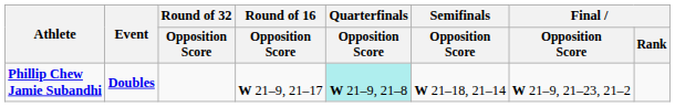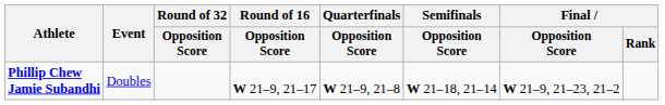 <table class=wikitable style="font-size:90%">
 <tr>
 <th rowspan=2>Athlete</th>
 <th rowspan=2>Event</th>
 <th>Round of 32</th>
 <th>Round of 16</th>
 <th>Quarterfinals</th>
 <th>Semifinals</th>
 <th colspan=2>Final / </th>
 </tr>
 <tr style="font-size:95%">
 <th>Opposition<br>Score</th>
 <th>Opposition<br>Score</th>
 <th>Opposition<br>Score</th>
 <th>Opposition<br>Score</th>
 <th>Opposition<br>Score</th>
 <th>Rank</th>
 </tr>
 <tr align=center>
 <td align=left><strong><a href='#'>Phillip Chew</a><br><a href='#'>Jamie Subandhi</a></strong></td>
-<td align=left><strong><a href='#'>Doubles</a></strong></td>
+<td align=left><a href='#'>Doubles</a></td>
 <td></td>
 <td><br><strong>W</strong> 21–9, 21–17</td>
-<td style="background: paleturquoise;"><br><strong>W</strong> 21–9, 21–8</td>
+<td><br><strong>W</strong> 21–9, 21–8</td>
 <td><br><strong>W</strong> 21–18, 21–14</td>
 <td><br><strong>W</strong> 21–9, 21–23, 21–2</td>
 <td></td>
 </tr>
 </table>
